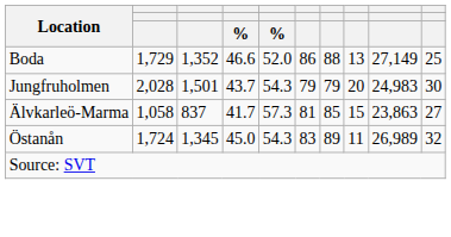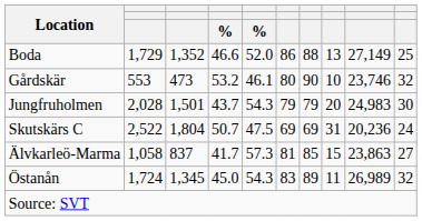 <table role="presentation" class="wikitable sortable mw-collapsible">
 <tr>
 <th rowspan="3">Location</th>
 <th></th>
 <th></th>
 <th></th>
 <th></th>
 <th></th>
 <th></th>
 <th></th>
 <th></th>
 <th></th>
 </tr>
 <tr>
 <th></th>
 <th></th>
 <th style="background:"></th>
 <th style="background:"></th>
 <th></th>
 <th></th>
 <th></th>
 <th></th>
 <th></th>
 </tr>
 <tr>
 <th data-sort-type="number"></th>
 <th data-sort-type="number"></th>
 <th data-sort-type="number">%</th>
 <th data-sort-type="number">%</th>
 <th data-sort-type="number"></th>
 <th data-sort-type="number"></th>
 <th data-sort-type="number"></th>
 <th data-sort-type="number"></th>
 <th data-sort-type="number"></th>
 </tr>
 <tr>
 <td align="left">Boda</td>
 <td>1,729</td>
 <td>1,352</td>
 <td>46.6</td>
 <td>52.0</td>
 <td>86</td>
 <td>88</td>
 <td>13</td>
 <td>27,149</td>
 <td>25</td>
 </tr>
 <tr>
+<td align="left">Gårdskär</td>
+<td>553</td>
+<td>473</td>
+<td>53.2</td>
+<td>46.1</td>
+<td>80</td>
+<td>90</td>
+<td>10</td>
+<td>23,746</td>
+<td>32</td>
+</tr>
+<tr>
 <td align="left">Jungfruholmen</td>
 <td>2,028</td>
 <td>1,501</td>
 <td>43.7</td>
 <td>54.3</td>
 <td>79</td>
 <td>79</td>
 <td>20</td>
 <td>24,983</td>
 <td>30</td>
+</tr>
+<tr>
+<td align="left">Skutskärs C</td>
+<td>2,522</td>
+<td>1,804</td>
+<td>50.7</td>
+<td>47.5</td>
+<td>69</td>
+<td>69</td>
+<td>31</td>
+<td>20,236</td>
+<td>24</td>
 </tr>
 <tr>
 <td align="left">Älvkarleö-Marma</td>
 <td>1,058</td>
 <td>837</td>
 <td>41.7</td>
 <td>57.3</td>
 <td>81</td>
 <td>85</td>
 <td>15</td>
 <td>23,863</td>
 <td>27</td>
 </tr>
 <tr>
 <td align="left">Östanån</td>
 <td>1,724</td>
 <td>1,345</td>
 <td>45.0</td>
 <td>54.3</td>
 <td>83</td>
 <td>89</td>
 <td>11</td>
 <td>26,989</td>
 <td>32</td>
 </tr>
 <tr>
 <td colspan="10" align="left">Source: <a href='#'>SVT</a></td>
 </tr>
 </table>
